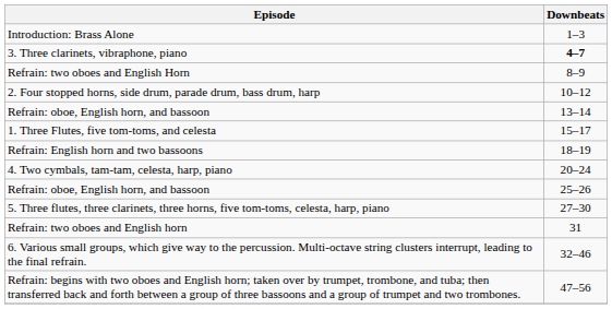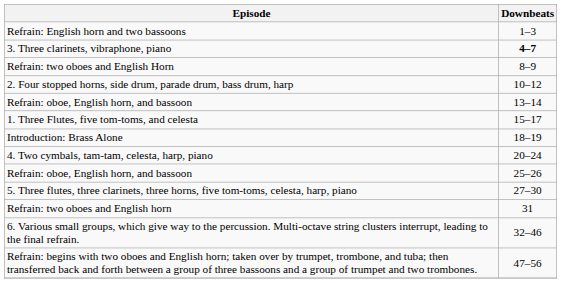 <table class="wikitable" width="790px">
 <tr>
 <th align="left">Episode</th>
 <th align="center">Downbeats</th>
 </tr>
 <tr>
-<td align="left">Introduction: Brass Alone</td>
+<td align="left">Refrain: English horn and two bassoons</td>
 <td align="center">1–3</td>
 </tr>
 <tr>
 <td align="left">3. Three clarinets, vibraphone, piano</td>
 <td align="center"><strong>4–7</strong></td>
 </tr>
 <tr>
 <td align="left">Refrain: two oboes and English Horn</td>
 <td align="center">8–9</td>
 </tr>
 <tr>
 <td align="left">2. Four stopped horns, side drum, parade drum, bass drum, harp</td>
 <td align="center">10–12</td>
 </tr>
 <tr>
 <td align="left">Refrain: oboe, English horn, and bassoon</td>
 <td align="center">13–14</td>
 </tr>
 <tr>
 <td align="left">1. Three Flutes, five tom-toms, and celesta</td>
 <td align="center">15–17</td>
 </tr>
 <tr>
-<td align="left">Refrain: English horn and two bassoons</td>
+<td align="left">Introduction: Brass Alone</td>
 <td align="center">18–19</td>
 </tr>
 <tr>
 <td align="left">4. Two cymbals, tam-tam, celesta, harp, piano</td>
 <td align="center">20–24</td>
 </tr>
 <tr>
 <td align="left">Refrain: oboe, English horn, and bassoon</td>
 <td align="center">25–26</td>
 </tr>
 <tr>
 <td align="left">5. Three flutes, three clarinets, three horns, five tom-toms, celesta, harp, piano</td>
 <td align="center">27–30</td>
 </tr>
 <tr>
 <td align="left">Refrain: two oboes and English horn</td>
 <td align="center">31</td>
 </tr>
 <tr>
 <td align="left">6. Various small groups, which give way to the percussion.  Multi-octave string clusters interrupt, leading to the final refrain.</td>
 <td align="center">32–46</td>
 </tr>
 <tr>
 <td align="left">Refrain: begins with two oboes and English horn; taken over by trumpet, trombone, and tuba; then transferred back and forth between a group of three bassoons and a group of trumpet and two trombones.</td>
 <td align="center">47–56</td>
 </tr>
 <tr>
 </tr>
 </table>
